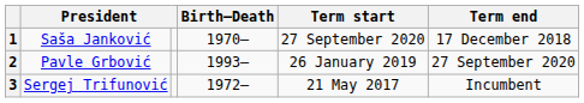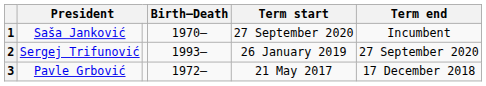 <table class="wikitable" style="text-align:center">
 <tr>
 <th></th>
 <th colspan="2">President</th>
 <th>Birth–Death</th>
 <th>Term start</th>
 <th>Term end</th>
 </tr>
 <tr>
 <th style="background:">1</th>
 <td><a href='#'>Saša Janković</a></td>
 <td></td>
 <td>1970–</td>
 <td>27 September 2020</td>
-<td>17 December 2018</td>
+<td>Incumbent</td>
 </tr>
 <tr>
 <th style="background:">2</th>
-<td><a href='#'>Pavle Grbović</a></td>
+<td><a href='#'>Sergej Trifunović</a></td>
 <td></td>
 <td>1993–</td>
 <td>26 January 2019</td>
 <td>27 September 2020</td>
 </tr>
 <tr>
 <th style="background:">3</th>
-<td><a href='#'>Sergej Trifunović</a></td>
+<td><a href='#'>Pavle Grbović</a></td>
 <td></td>
 <td>1972–</td>
 <td>21 May 2017</td>
-<td>Incumbent</td>
+<td>17 December 2018</td>
 </tr>
 </table>
